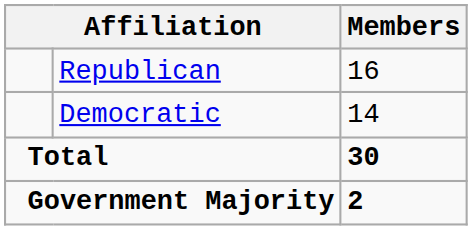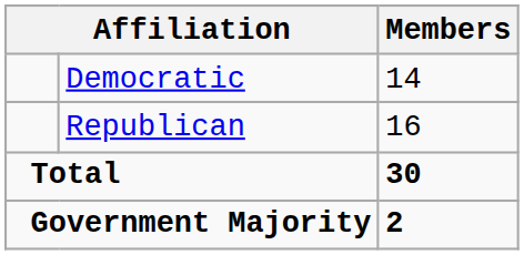 <table class="wikitable">
 <tr>
 <th colspan="2">Affiliation</th>
 <th>Members</th>
 </tr>
 <tr>
 <td style="background-color:"> </td>
-<td><a href='#'>Republican</a></td>
-<td>16</td>
+<td><a href='#'>Democratic</a></td>
+<td>14</td>
 </tr>
 <tr>
 <td style="background-color:"> </td>
-<td><a href='#'>Democratic</a></td>
-<td>14</td>
+<td><a href='#'>Republican</a></td>
+<td>16</td>
 </tr>
 <tr>
 <td colspan="2" rowspan="1"> <strong>Total</strong><br></td>
 <td><strong>30</strong></td>
 </tr>
 <tr>
 <td colspan="2" rowspan="1"> <strong>Government Majority</strong><br></td>
 <td><strong>2</strong></td>
 </tr>
 </table>
